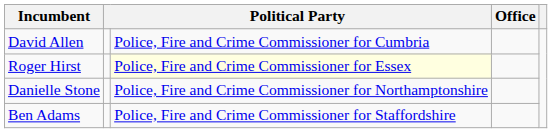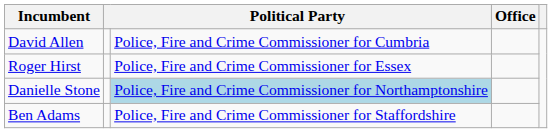 <table class="wikitable">
 <tr>
 <th>Incumbent</th>
 <th colspan="2">Political Party</th>
 <th>Office</th>
 <th></th>
 </tr>
 <tr>
 <td><a href='#'>David Allen</a></td>
 <td></td>
 <td><a href='#'>Police, Fire and Crime Commissioner for Cumbria</a></td>
 <td></td>
 </tr>
 <tr>
 <td><a href='#'>Roger Hirst</a></td>
 <td></td>
-<td style="background: lightyellow;"><a href='#'>Police, Fire and Crime Commissioner for Essex</a></td>
+<td><a href='#'>Police, Fire and Crime Commissioner for Essex</a></td>
 <td></td>
 </tr>
 <tr>
 <td><a href='#'>Danielle Stone</a></td>
 <td></td>
-<td><a href='#'>Police, Fire and Crime Commissioner for Northamptonshire</a></td>
+<td style="background: lightblue;"><a href='#'>Police, Fire and Crime Commissioner for Northamptonshire</a></td>
 <td></td>
 </tr>
 <tr>
 <td><a href='#'>Ben Adams</a></td>
 <td></td>
 <td><a href='#'>Police, Fire and Crime Commissioner for Staffordshire</a></td>
 <td></td>
 </tr>
 </table>
